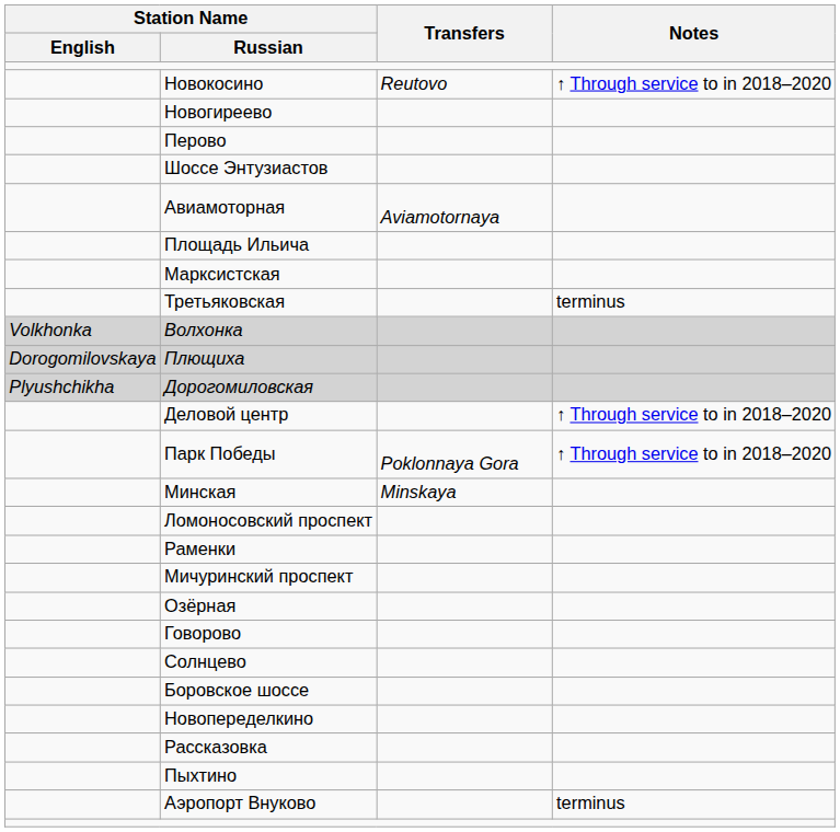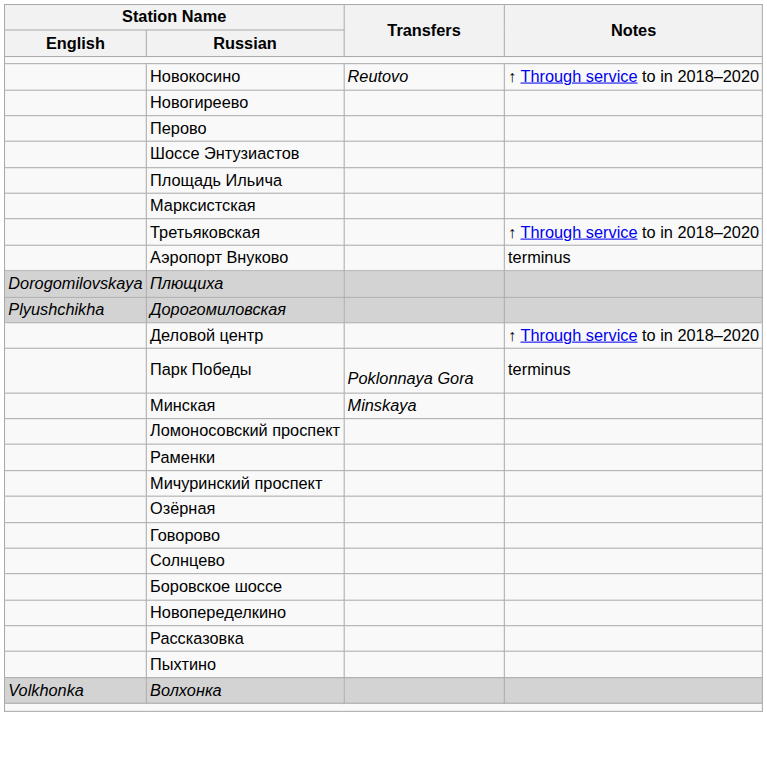 <table class="wikitable">
 <tr>
 <th colspan="2" style="min-width: 165px;">Station Name</th>
 <th rowspan=2 style="min-width: 150px;">Transfers</th>
 <th rowspan=2 style="max-width: 300px;">Notes</th>
 </tr>
 <tr>
 <th>English</th>
 <th>Russian</th>
 </tr>
 <tr style="background: #">
 <td colspan="4"></td>
 </tr>
 <tr>
 <td></td>
 <td>Новокосино</td>
 <td> <em>Reutovo</em></td>
 <td>↑ <a href='#'>Through service</a> to  in 2018–2020</td>
 </tr>
 <tr>
 <td></td>
 <td>Новогиреево</td>
 <td></td>
 <td></td>
 </tr>
 <tr>
 <td></td>
 <td>Перово</td>
 <td></td>
 <td></td>
 </tr>
 <tr>
 <td></td>
 <td>Шоссе Энтузиастов</td>
 <td></td>
 <td></td>
 </tr>
 <tr>
 <td></td>
-<td>Авиамоторная</td>
-<td><br> <em>Aviamotornaya</em></td>
-<td></td>
-</tr>
-<tr>
-<td></td>
 <td>Площадь Ильича</td>
 <td><br><em></em></td>
 <td></td>
 </tr>
 <tr>
 <td></td>
 <td>Марксистская</td>
 <td><br></td>
 <td></td>
 </tr>
 <tr>
 <td></td>
 <td>Третьяковская</td>
 <td><br></td>
+<td>↑ <a href='#'>Through service</a> to  in 2018–2020</td>
+</tr>
+<tr>
+<td></td>
+<td>Аэропорт Внуково</td>
+<td></td>
 <td> terminus</td>
-</tr>
-<tr bgcolor="lightgrey">
-<td><em>Volkhonka</em></td>
-<td><em>Волхонка</em></td>
-<td></td>
-<td></td>
 </tr>
 <tr bgcolor="lightgrey">
 <td><em>Dorogomilovskaya</em></td>
 <td><em>Плющиха</em></td>
 <td></td>
 <td></td>
 </tr>
 <tr bgcolor="lightgrey">
 <td><em>Plyushchikha</em></td>
 <td><em>Дорогомиловская</em></td>
 <td></td>
 <td></td>
 </tr>
 <tr>
 <td></td>
 <td>Деловой центр</td>
 <td><br></td>
 <td>↑ <a href='#'>Through service</a> to  in 2018–2020</td>
 </tr>
 <tr>
 <td></td>
 <td>Парк Победы</td>
 <td><br> <em>Poklonnaya Gora</em></td>
-<td>↑ <a href='#'>Through service</a> to  in 2018–2020</td>
+<td> terminus</td>
 </tr>
 <tr>
 <td></td>
 <td>Минская</td>
 <td> <em>Minskaya</em></td>
 <td></td>
 </tr>
 <tr>
 <td></td>
 <td>Ломоносовский проспект</td>
 <td></td>
 <td></td>
 </tr>
 <tr>
 <td></td>
 <td>Раменки</td>
 <td></td>
 <td></td>
 </tr>
 <tr>
 <td></td>
 <td>Мичуринский проспект</td>
 <td></td>
 <td></td>
 </tr>
 <tr>
 <td></td>
 <td>Озёрная</td>
 <td></td>
 <td></td>
 </tr>
 <tr>
 <td></td>
 <td>Говорово</td>
 <td></td>
 <td></td>
 </tr>
 <tr>
 <td></td>
 <td>Солнцево</td>
 <td></td>
 <td></td>
 </tr>
 <tr>
 <td></td>
 <td>Боровское шоссе</td>
 <td></td>
 <td></td>
 </tr>
 <tr>
 <td></td>
 <td>Новопеределкино</td>
 <td></td>
 <td></td>
 </tr>
 <tr>
 <td></td>
 <td>Рассказовка</td>
 <td></td>
 <td></td>
 </tr>
 <tr>
 <td></td>
 <td>Пыхтино</td>
 <td></td>
 <td></td>
 </tr>
-<tr>
+<tr bgcolor="lightgrey">
+<td><em>Volkhonka</em></td>
+<td><em>Волхонка</em></td>
 <td></td>
-<td>Аэропорт Внуково</td>
 <td></td>
-<td> terminus</td>
 </tr>
 <tr style="background: #">
 <td colspan="4"></td>
 </tr>
 </table>
